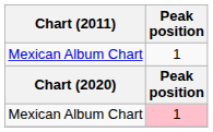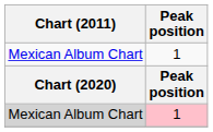 <table class="wikitable sortable">
 <tr>
 <th>Chart (2011)</th>
 <th>Peak<br>position</th>
 </tr>
 <tr>
 <td><a href='#'>Mexican Album Chart</a></td>
 <td style="text-align:center;">1</td>
 </tr>
 <tr>
 <th>Chart (2020)</th>
 <th>Peak<br>position</th>
 </tr>
 <tr>
-<td>Mexican Album Chart</td>
+<td style="background: lightgrey;">Mexican Album Chart</td>
 <td style="background: pink; text-align:center;">1</td>
 </tr>
 <tr>
 </tr>
 </table>
